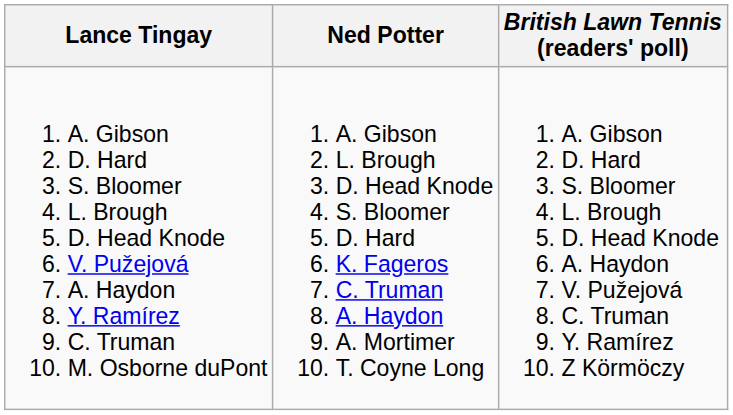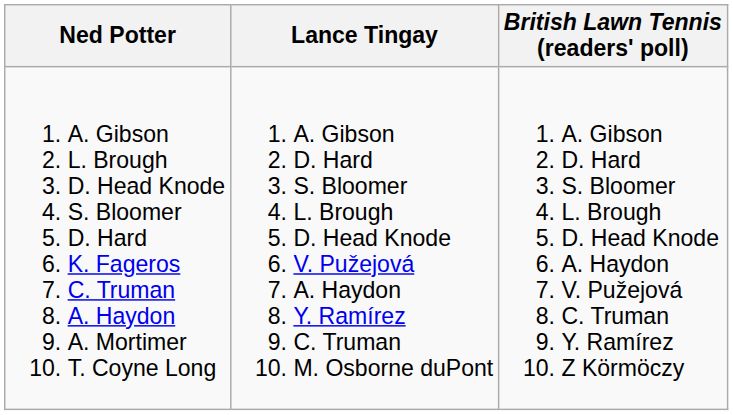 <table class="wikitable">
 <tr>
+<th>Ned Potter</th>
 <th>Lance Tingay<strong></strong></th>
-<th>Ned Potter</th>
 <th><em>British Lawn Tennis</em><br>(readers' poll)</th>
 </tr>
 <tr style="vertical-align: top;">
+<td style="white-space: nowrap;"><br><ol><li> A. Gibson</li><li> L. Brough</li><li> D. Head Knode</li><li> S. Bloomer</li><li> D. Hard</li><li> <a href='#'>K. Fageros</a></li><li> <a href='#'>C. Truman</a></li><li> <a href='#'>A. Haydon</a></li><li> A. Mortimer</li><li> T. Coyne Long</li></ol></td>
 <td style="white-space: nowrap;"><br><ol><li> A. Gibson</li><li> D. Hard</li><li> S. Bloomer</li><li> L. Brough</li><li> D. Head Knode</li><li> <a href='#'>V. Pužejová</a></li><li> A. Haydon</li><li> <a href='#'>Y. Ramírez</a></li><li> C. Truman</li><li> M. Osborne duPont</li></ol></td>
-<td style="white-space: nowrap;"><br><ol><li> A. Gibson</li><li> L. Brough</li><li> D. Head Knode</li><li> S. Bloomer</li><li> D. Hard</li><li> <a href='#'>K. Fageros</a></li><li> <a href='#'>C. Truman</a></li><li> <a href='#'>A. Haydon</a></li><li> A. Mortimer</li><li> T. Coyne Long</li></ol></td>
 <td style="white-space: nowrap;"><br><ol><li> A. Gibson</li><li> D. Hard</li><li> S. Bloomer</li><li> L. Brough</li><li> D. Head Knode</li><li> A. Haydon</li><li> V. Pužejová</li><li> C. Truman</li><li> Y. Ramírez</li><li> Z Körmöczy</li></ol></td>
 </tr>
 </table>
